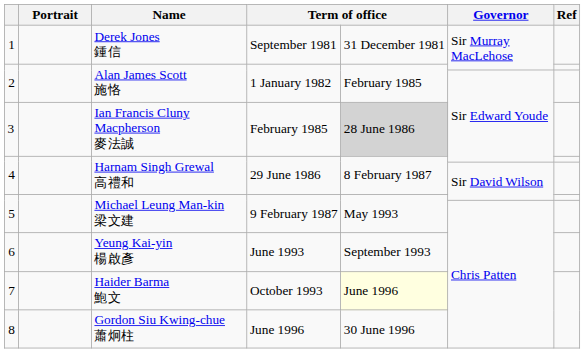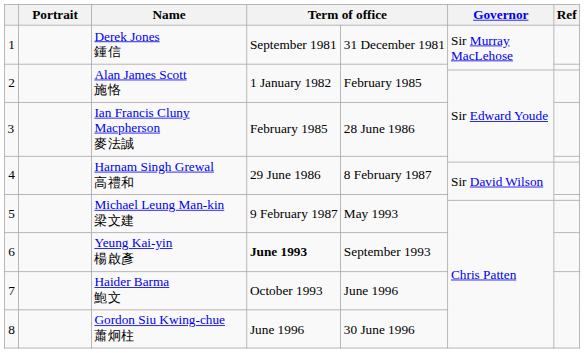 <table class="wikitable"  style="text-align:left">
 <tr>
 <th width=10px></th>
 <th width=80px>Portrait</th>
 <th width=180px>Name</th>
 <th width=180px colspan=2>Term of office</th>
 <th width=120px><a href='#'>Governor</a></th>
 <th>Ref</th>
 </tr>
 <tr>
 <td align=center>1</td>
 <td></td>
 <td><a href='#'>Derek Jones</a><br>鍾信</td>
 <td>September 1981</td>
 <td>31 December 1981</td>
 <td rowspan="2">Sir <a href='#'>Murray MacLehose</a><br></td>
 <td></td>
 </tr>
 <tr>
 <td rowspan="2" align="center">2</td>
 <td rowspan="2"></td>
 <td rowspan="2"><a href='#'>Alan James Scott</a><br>施恪</td>
 <td rowspan="2">1 January 1982</td>
 <td rowspan="2">February 1985</td>
 <td></td>
 </tr>
 <tr>
 <td rowspan="3">Sir <a href='#'>Edward Youde</a><br></td>
 <td></td>
 </tr>
 <tr>
 <td>3</td>
 <td></td>
 <td><a href='#'>Ian Francis Cluny Macpherson</a><br>麥法誠</td>
 <td>February 1985</td>
-<td style="background: lightgrey;">28 June 1986</td>
+<td>28 June 1986</td>
 <td></td>
 </tr>
 <tr>
 <td rowspan="2" align=center>4</td>
 <td rowspan="2"></td>
 <td rowspan="2"><a href='#'>Harnam Singh Grewal</a><br>高禮和</td>
 <td rowspan="2">29 June 1986</td>
 <td rowspan="2">8 February 1987</td>
 <td></td>
 </tr>
 <tr>
 <td rowspan="2">Sir <a href='#'>David Wilson</a><br></td>
 <td></td>
 </tr>
 <tr>
 <td rowspan="2" align="center">5</td>
 <td rowspan="2"></td>
 <td rowspan="2"><a href='#'>Michael Leung Man-kin</a><br>梁文建</td>
 <td rowspan="2">9 February 1987</td>
 <td rowspan="2">May 1993</td>
 <td></td>
 </tr>
 <tr>
 <td rowspan="4"><a href='#'>Chris Patten</a><br></td>
 <td></td>
 </tr>
 <tr>
 <td align=center>6</td>
 <td></td>
 <td><a href='#'>Yeung Kai-yin</a><br>楊啟彥</td>
-<td>June 1993</td>
+<td><strong>June 1993</strong></td>
 <td>September 1993</td>
 <td></td>
 </tr>
 <tr>
 <td align=center>7</td>
 <td></td>
 <td><a href='#'>Haider Barma</a><br>鮑文</td>
 <td>October 1993</td>
-<td style="background: lightyellow;">June 1996</td>
+<td>June 1996</td>
 </tr>
 <tr>
 <td align=center>8</td>
 <td></td>
 <td><a href='#'>Gordon Siu Kwing-chue</a><br>蕭炯柱</td>
 <td>June 1996</td>
 <td>30 June 1996</td>
 </tr>
 </table>
